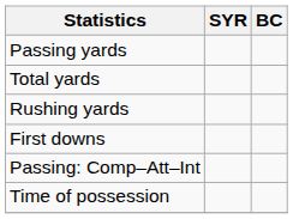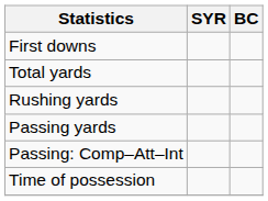 <table class="wikitable" style="float: left;">
 <tr>
 <th>Statistics</th>
 <th>SYR</th>
 <th>BC</th>
 </tr>
 <tr>
-<td>Passing yards</td>
+<td>First downs</td>
 <td></td>
 <td></td>
 </tr>
 <tr>
 <td>Total yards</td>
 <td></td>
 <td></td>
 </tr>
 <tr>
 <td>Rushing yards</td>
 <td></td>
 <td></td>
 </tr>
 <tr>
-<td>First downs</td>
+<td>Passing yards</td>
 <td></td>
 <td></td>
 </tr>
 <tr>
 <td>Passing: Comp–Att–Int</td>
 <td></td>
 <td></td>
 </tr>
 <tr>
 <td>Time of possession</td>
 <td></td>
 <td></td>
 </tr>
 <tr>
 </tr>
 </table>
